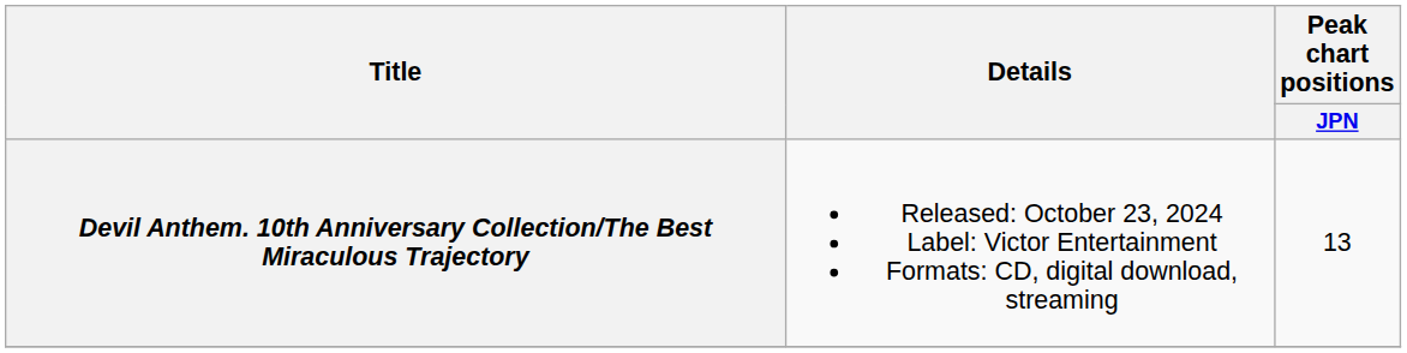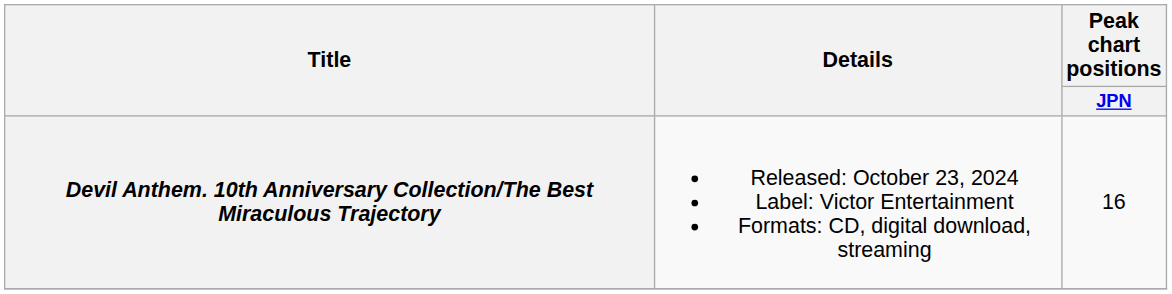 <table class="wikitable plainrowheaders" style="text-align:center;">
 <tr>
 <th scope="col" rowspan="2">Title</th>
 <th scope="col" rowspan="2">Details</th>
 <th scope="col" colspan="1">Peak chart positions</th>
 </tr>
 <tr>
 <th scope="col" style="width:2.75em;font-size:85%;"><a href='#'>JPN</a><br></th>
 </tr>
 <tr>
 <th scope="row"><em>Devil Anthem. 10th Anniversary Collection/The Best Miraculous Trajectory</em></th>
 <td><br><ul><li>Released: October 23, 2024</li><li>Label: Victor Entertainment</li><li>Formats: CD, digital download, streaming</li></ul></td>
-<td>13</td>
+<td>16</td>
 </tr>
 <tr>
 </tr>
 </table>
